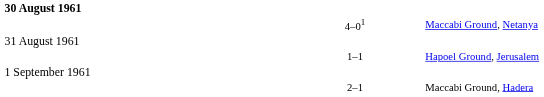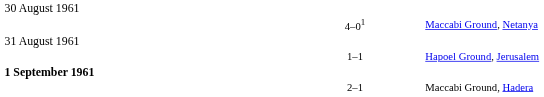 <table style="width:100%;" cellspacing="1">
 <tr>
 <th width=25%></th>
 <th width=10%></th>
 <th></th>
 </tr>
 <tr>
-<td><strong>30 August 1961</strong></td>
+<td>30 August 1961</td>
 </tr>
 <tr style=font-size:90%>
 <td align=right></td>
 <td align=center>4–0<sup>1</sup></td>
 <td></td>
 <td><a href='#'>Maccabi Ground</a>, <a href='#'>Netanya</a></td>
 </tr>
 <tr>
 <td>31 August 1961</td>
 </tr>
 <tr style=font-size:90%>
 <td align=right></td>
 <td align=center>1–1</td>
 <td></td>
 <td><a href='#'>Hapoel Ground</a>, <a href='#'>Jerusalem</a></td>
 </tr>
 <tr>
-<td>1 September 1961</td>
+<td><strong>1 September 1961</strong></td>
 </tr>
 <tr style=font-size:90%>
 <td align=right></td>
 <td align=center>2–1</td>
 <td></td>
 <td>Maccabi Ground, <a href='#'>Hadera</a></td>
 </tr>
 </table>
